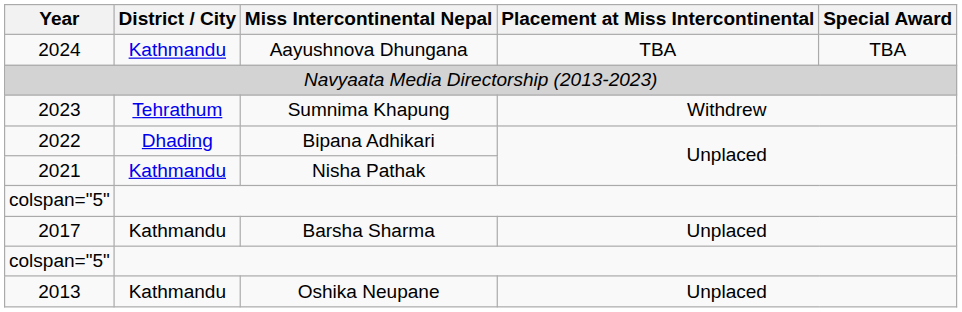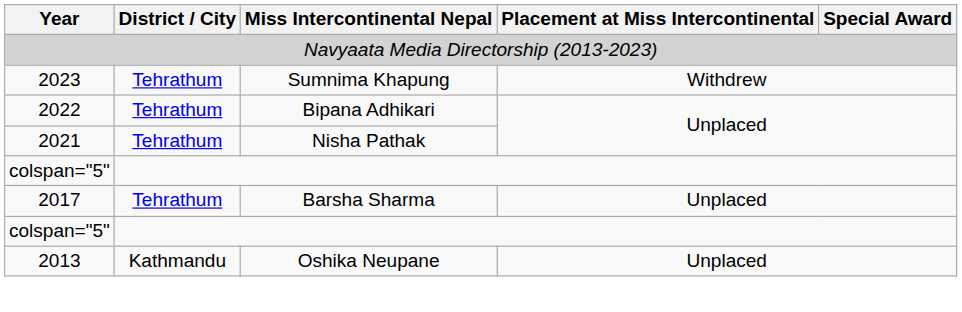 <table class="wikitable">
 <tr>
 <th>Year</th>
 <th>District / City</th>
 <th>Miss Intercontinental Nepal</th>
 <th>Placement at Miss Intercontinental</th>
 <th>Special Award</th>
-</tr>
-<tr align="center">
-<td>2024</td>
-<td><a href='#'>Kathmandu</a></td>
-<td>Aayushnova Dhungana</td>
-<td>TBA</td>
-<td>TBA</td>
 </tr>
 <tr align="center" style="background:lightgrey;">
 <td colspan="5"><em>Navyaata Media Directorship (2013-2023)</em></td>
 </tr>
 <tr align="center">
 <td>2023</td>
 <td><a href='#'>Tehrathum</a></td>
 <td>Sumnima Khapung</td>
 <td colspan="2">Withdrew</td>
 </tr>
 <tr align="center">
 <td>2022</td>
-<td><a href='#'>Dhading</a></td>
+<td><a href='#'>Tehrathum</a></td>
 <td>Bipana Adhikari</td>
 <td colspan="2" rowspan="2">Unplaced</td>
 </tr>
 <tr align="center">
 <td>2021</td>
-<td><a href='#'>Kathmandu</a></td>
+<td><a href='#'>Tehrathum</a></td>
 <td>Nisha Pathak</td>
 </tr>
 <tr align="center">
 <td>colspan="5" </td>
 </tr>
 <tr align="center">
 <td>2017</td>
-<td>Kathmandu</td>
+<td><a href='#'>Tehrathum</a></td>
 <td>Barsha Sharma</td>
 <td colspan="2">Unplaced</td>
 </tr>
 <tr align="center">
 <td>colspan="5" </td>
 </tr>
 <tr align="center">
 <td>2013</td>
 <td>Kathmandu</td>
 <td>Oshika Neupane</td>
 <td colspan="2">Unplaced</td>
 </tr>
 </table>
